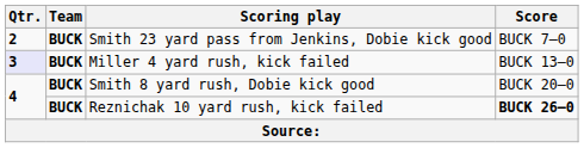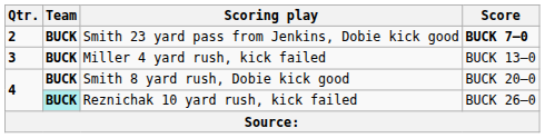 <table class="wikitable">
 <tr>
 <th>Qtr.</th>
 <th>Team</th>
 <th>Scoring play</th>
 <th>Score</th>
 </tr>
 <tr>
 <td><strong>2</strong></td>
 <td><strong>BUCK</strong></td>
 <td>Smith 23 yard pass from Jenkins, Dobie kick good</td>
-<td>BUCK 7–0</td>
+<td><strong>BUCK 7–0</strong></td>
 </tr>
 <tr>
-<td style="background: lavender;"><strong>3</strong></td>
+<td><strong>3</strong></td>
 <td><strong>BUCK</strong></td>
 <td>Miller 4 yard rush, kick failed</td>
 <td>BUCK 13–0</td>
 </tr>
 <tr>
 <td rowspan=2><strong>4</strong></td>
 <td><strong>BUCK</strong></td>
 <td>Smith 8 yard rush, Dobie kick good</td>
 <td>BUCK 20–0</td>
 </tr>
 <tr>
-<td><strong>BUCK</strong></td>
+<td style="background: paleturquoise;"><strong>BUCK</strong></td>
 <td>Reznichak 10 yard rush, kick failed</td>
-<td><strong>BUCK 26–0</strong></td>
+<td>BUCK 26–0</td>
 </tr>
 <tr>
 <th colspan=4>Source:</th>
 </tr>
 </table>
